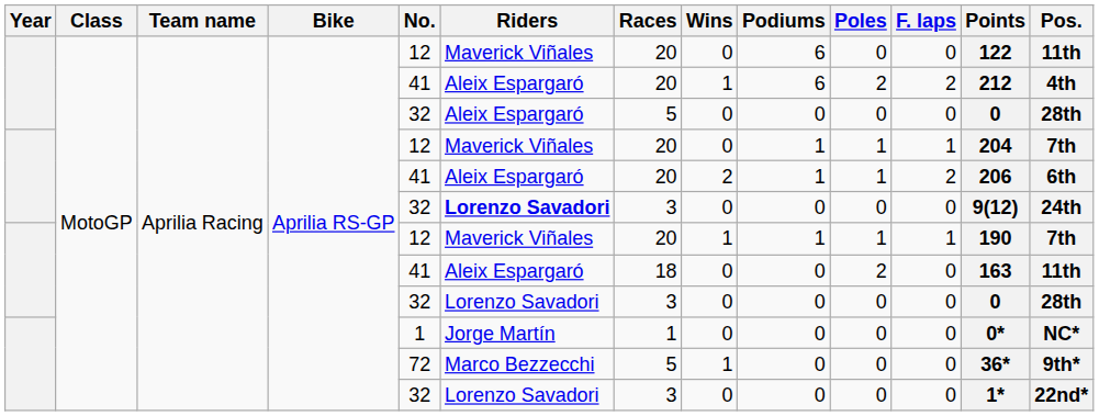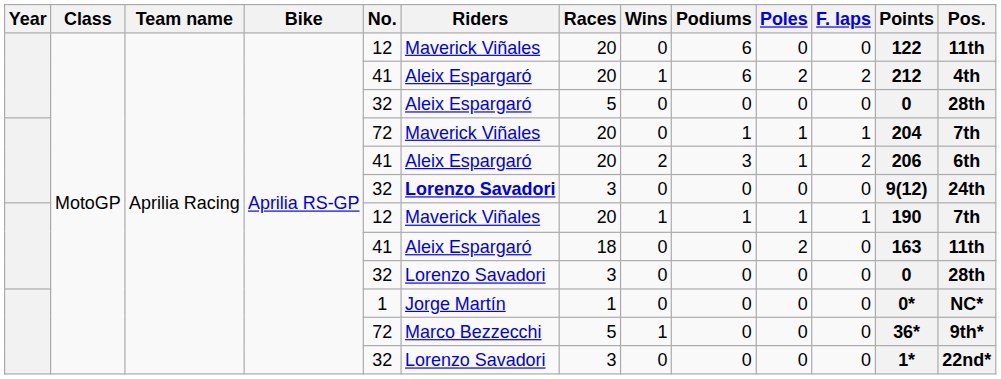 <table class="wikitable" style="text-align:right; font-size:95%;">
 <tr>
 <th scope="col">Year</th>
 <th scope="col">Class</th>
 <th scope="col">Team name</th>
 <th scope="col">Bike</th>
 <th scope="col">No.</th>
 <th scope="col">Riders</th>
 <th scope="col">Races</th>
 <th scope="col">Wins</th>
 <th scope="col">Podiums</th>
 <th scope="col"><a href='#'>Poles</a></th>
 <th scope="col"><a href='#'>F. laps</a></th>
 <th scope="col">Points</th>
 <th scope="col">Pos.</th>
 </tr>
 <tr>
 <th rowspan="3" scope="row"></th>
 <td rowspan="12">MotoGP</td>
 <td rowspan="12">Aprilia Racing</td>
 <td rowspan="12" style="text-align:left;"><a href='#'>Aprilia RS-GP</a></td>
 <td style="text-align:center;">12</td>
 <td style="text-align:left;"> <a href='#'>Maverick Viñales</a></td>
 <td>20</td>
 <td>0</td>
 <td>6</td>
 <td>0</td>
 <td>0</td>
 <th>122</th>
 <th>11th</th>
 </tr>
 <tr>
 <td style="text-align:center;">41</td>
 <td style="text-align:left;"> <a href='#'>Aleix Espargaró</a></td>
 <td>20</td>
 <td>1</td>
 <td>6</td>
 <td>2</td>
 <td>2</td>
 <th>212</th>
 <th>4th</th>
 </tr>
 <tr>
 <td style="text-align:center;">32</td>
 <td style="text-align:left;"> <a href='#'>Aleix Espargaró</a></td>
 <td>5</td>
 <td>0</td>
 <td>0</td>
 <td>0</td>
 <td>0</td>
 <th>0</th>
 <th>28th</th>
 </tr>
 <tr>
 <th rowspan="3" scope="row"></th>
-<td style="text-align:center;">12</td>
+<td style="text-align:center;">72</td>
 <td style="text-align:left;"> <a href='#'>Maverick Viñales</a></td>
 <td>20</td>
 <td>0</td>
 <td>1</td>
 <td>1</td>
 <td>1</td>
 <th>204</th>
 <th>7th</th>
 </tr>
 <tr>
 <td style="text-align:center;">41</td>
 <td style="text-align:left;"> <a href='#'>Aleix Espargaró</a></td>
 <td>20</td>
 <td>2</td>
-<td>1</td>
+<td>3</td>
 <td>1</td>
 <td>2</td>
 <th>206</th>
 <th>6th</th>
 </tr>
 <tr>
 <td style="text-align:center;">32</td>
 <td style="text-align:left;"><strong> <a href='#'>Lorenzo Savadori</a></strong></td>
 <td>3</td>
 <td>0</td>
 <td>0</td>
 <td>0</td>
 <td>0</td>
 <th>9(12)</th>
 <th>24th</th>
 </tr>
 <tr>
 <th rowspan="3" scope="row"></th>
 <td style="text-align:center;">12</td>
 <td style="text-align:left;"> <a href='#'>Maverick Viñales</a></td>
 <td>20</td>
 <td>1</td>
 <td>1</td>
 <td>1</td>
 <td>1</td>
 <th>190</th>
 <th>7th</th>
 </tr>
 <tr>
 <td style="text-align:center;">41</td>
 <td style="text-align:left;"> <a href='#'>Aleix Espargaró</a></td>
 <td>18</td>
 <td>0</td>
 <td>0</td>
 <td>2</td>
 <td>0</td>
 <th>163</th>
 <th>11th</th>
 </tr>
 <tr>
 <td style="text-align:center;">32</td>
 <td style="text-align:left;"> <a href='#'>Lorenzo Savadori</a></td>
 <td>3</td>
 <td>0</td>
 <td>0</td>
 <td>0</td>
 <td>0</td>
 <th>0</th>
 <th>28th</th>
 </tr>
 <tr>
 <th rowspan="3" scope="row"></th>
 <td style="text-align:center;">1</td>
 <td style="text-align:left;"> <a href='#'>Jorge Martín</a></td>
 <td>1</td>
 <td>0</td>
 <td>0</td>
 <td>0</td>
 <td>0</td>
 <th>0*</th>
 <th>NC*</th>
 </tr>
 <tr>
 <td style="text-align:center;">72</td>
 <td style="text-align:left;"> <a href='#'>Marco Bezzecchi</a></td>
 <td>5</td>
 <td>1</td>
 <td>0</td>
 <td>0</td>
 <td>0</td>
 <th>36*</th>
 <th>9th*</th>
 </tr>
 <tr>
 <td style="text-align:center;">32</td>
 <td style="text-align:left;"> <a href='#'>Lorenzo Savadori</a></td>
 <td>3</td>
 <td>0</td>
 <td>0</td>
 <td>0</td>
 <td>0</td>
 <th>1*</th>
 <th>22nd*</th>
 </tr>
 </table>
